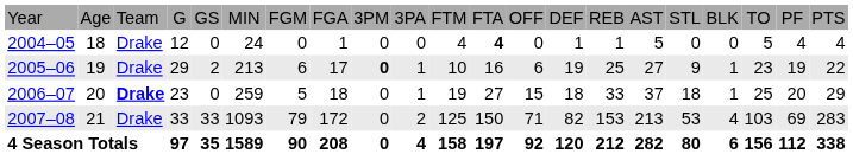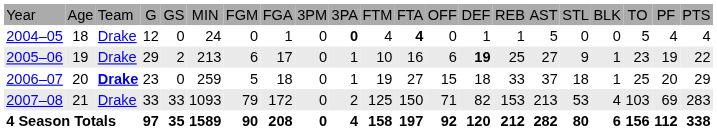 <table cellpadding="2" cellspacing="0" style="font-size: small; text-align:right; white-space:nowrap">
 <tr bgcolor="#ababab" style="text-align:center">
 <td align="left">Year</td>
 <td align="left">Age</td>
 <td align="left">Team</td>
 <td>G</td>
 <td>GS</td>
 <td>MIN</td>
 <td>FGM</td>
 <td>FGA</td>
 <td>3PM</td>
 <td>3PA</td>
 <td>FTM</td>
 <td>FTA</td>
 <td>OFF</td>
 <td>DEF</td>
 <td>REB</td>
 <td>AST</td>
 <td>STL</td>
 <td>BLK</td>
 <td>TO</td>
 <td>PF</td>
 <td>PTS</td>
 </tr>
 <tr bgcolor="#ffffff">
 <td align="left"><a href='#'>2004–05</a></td>
 <td align="center">18</td>
 <td align="left"><a href='#'>Drake</a></td>
 <td>12</td>
 <td>0</td>
 <td>24</td>
 <td>0</td>
 <td>1</td>
 <td>0</td>
-<td>0</td>
+<td><strong>0</strong></td>
 <td>4</td>
 <td><strong>4</strong></td>
 <td>0</td>
 <td>1</td>
 <td>1</td>
 <td>5</td>
 <td>0</td>
 <td>0</td>
 <td>5</td>
 <td>4</td>
 <td>4</td>
 </tr>
 <tr bgcolor="#eaeaea">
 <td align="left"><a href='#'>2005–06</a></td>
 <td align="center">19</td>
 <td align="left"><a href='#'>Drake</a></td>
 <td>29</td>
 <td>2</td>
 <td>213</td>
 <td>6</td>
 <td>17</td>
-<td><strong>0</strong></td>
+<td>0</td>
 <td>1</td>
 <td>10</td>
 <td>16</td>
 <td>6</td>
-<td>19</td>
+<td><strong>19</strong></td>
 <td>25</td>
 <td>27</td>
 <td>9</td>
 <td>1</td>
 <td>23</td>
 <td>19</td>
 <td>22</td>
 </tr>
 <tr bgcolor="#ffffff">
 <td align="left"><a href='#'>2006–07</a></td>
 <td align="center">20</td>
 <td align="left"><strong><a href='#'>Drake</a></strong></td>
 <td>23</td>
 <td>0</td>
 <td>259</td>
 <td>5</td>
 <td>18</td>
 <td>0</td>
 <td>1</td>
 <td>19</td>
 <td>27</td>
 <td>15</td>
 <td>18</td>
 <td>33</td>
 <td>37</td>
 <td>18</td>
 <td>1</td>
 <td>25</td>
 <td>20</td>
 <td>29</td>
 </tr>
 <tr bgcolor="#eaeaea">
 <td align="left"><a href='#'>2007–08</a></td>
 <td align="center">21</td>
 <td align="left"><a href='#'>Drake</a></td>
 <td>33</td>
 <td>33</td>
 <td>1093</td>
 <td>79</td>
 <td>172</td>
 <td>0</td>
 <td>2</td>
 <td>125</td>
 <td>150</td>
 <td>71</td>
 <td>82</td>
 <td>153</td>
 <td>213</td>
 <td>53</td>
 <td>4</td>
 <td>103</td>
 <td>69</td>
 <td>283</td>
 </tr>
 <tr style="font-weight:bold">
 <td colspan="3" align="left">4 Season Totals</td>
 <td>97</td>
 <td>35</td>
 <td>1589</td>
 <td>90</td>
 <td>208</td>
 <td>0</td>
 <td>4</td>
 <td>158</td>
 <td>197</td>
 <td>92</td>
 <td>120</td>
 <td>212</td>
 <td>282</td>
 <td>80</td>
 <td>6</td>
 <td>156</td>
 <td>112</td>
 <td>338</td>
 </tr>
 </table>
